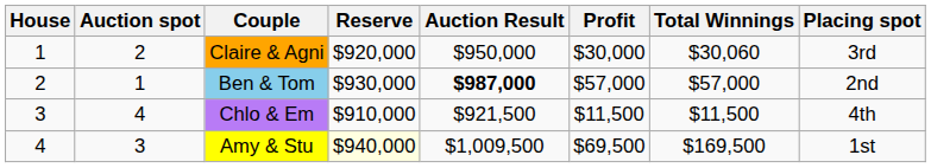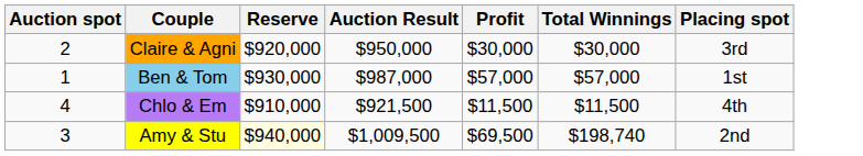 <table class="wikitable" style="text-align: center" |>
 <tr>
-<th>House</th>
 <th>Auction spot</th>
 <th>Couple</th>
 <th>Reserve</th>
 <th>Auction Result</th>
 <th>Profit</th>
 <th>Total Winnings</th>
 <th>Placing spot</th>
 </tr>
 <tr>
-<td>1</td>
 <td>2</td>
 <td style='background:Orange;'>Claire & Agni</td>
 <td>$920,000</td>
 <td>$950,000</td>
 <td>$30,000</td>
-<td>$30,060</td>
+<td>$30,000</td>
 <td>3rd</td>
 </tr>
 <tr>
-<td>2</td>
 <td>1</td>
 <td style="background-color: skyblue;">Ben & Tom</td>
 <td>$930,000</td>
-<td><strong>$987,000</strong></td>
+<td>$987,000</td>
 <td>$57,000</td>
 <td>$57,000</td>
-<td>2nd</td>
+<td>1st</td>
 </tr>
 <tr>
-<td>3</td>
 <td>4</td>
 <td style="background-color: #B87BF6;">Chlo & Em</td>
 <td>$910,000</td>
 <td>$921,500</td>
 <td>$11,500</td>
 <td>$11,500</td>
 <td>4th</td>
 </tr>
 <tr>
-<td>4</td>
 <td>3</td>
 <td style="background-color:  Yellow; ">Amy & Stu</td>
 <td style="background: lightyellow;">$940,000</td>
 <td>$1,009,500</td>
 <td>$69,500</td>
-<td>$169,500</td>
-<td>1st</td>
+<td>$198,740</td>
+<td>2nd</td>
 </tr>
 </table>
